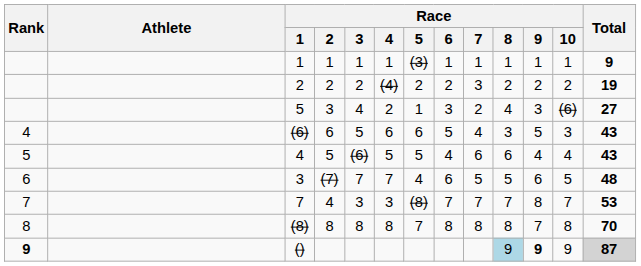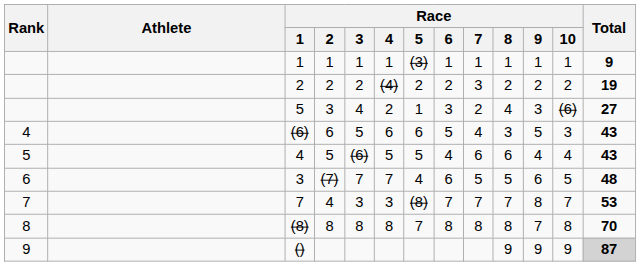 <table class="wikitable" style="text-align:center">
 <tr>
 <th rowspan="2" width=40>Rank</th>
 <th rowspan="2" width=250>Athlete</th>
 <th colspan="10">Race</th>
 <th rowspan="2" width=50>Total</th>
 </tr>
 <tr>
 <th width=25>1</th>
 <th width=25>2</th>
 <th width=25>3</th>
 <th width=25>4</th>
 <th width=25>5</th>
 <th width=25>6</th>
 <th width=25>7</th>
 <th width=25>8</th>
 <th width=25>9</th>
 <th width=25>10</th>
 </tr>
 <tr>
 <td></td>
 <td align=left></td>
 <td>1</td>
 <td>1</td>
 <td>1</td>
 <td>1</td>
 <td><s>(3)</s></td>
 <td>1</td>
 <td>1</td>
 <td>1</td>
 <td>1</td>
 <td>1</td>
 <td><strong>9</strong></td>
 </tr>
 <tr>
 <td></td>
 <td align=left></td>
 <td>2</td>
 <td>2</td>
 <td>2</td>
 <td><s>(4)</s></td>
 <td>2</td>
 <td>2</td>
 <td>3</td>
 <td>2</td>
 <td>2</td>
 <td>2</td>
 <td><strong>19</strong></td>
 </tr>
 <tr>
 <td></td>
 <td align=left></td>
 <td>5</td>
 <td>3</td>
 <td>4</td>
 <td>2</td>
 <td>1</td>
 <td>3</td>
 <td>2</td>
 <td>4</td>
 <td>3</td>
 <td><s>(6)</s></td>
 <td><strong>27</strong></td>
 </tr>
 <tr>
 <td>4</td>
 <td align=left></td>
 <td><s>(6)</s></td>
 <td>6</td>
 <td>5</td>
 <td>6</td>
 <td>6</td>
 <td>5</td>
 <td>4</td>
 <td>3</td>
 <td>5</td>
 <td>3</td>
 <td><strong>43</strong></td>
 </tr>
 <tr>
 <td>5</td>
 <td align=left></td>
 <td>4</td>
 <td>5</td>
 <td><s>(6)</s></td>
 <td>5</td>
 <td>5</td>
 <td>4</td>
 <td>6</td>
 <td>6</td>
 <td>4</td>
 <td>4</td>
 <td><strong>43</strong></td>
 </tr>
 <tr>
 <td>6</td>
 <td align=left></td>
 <td>3</td>
 <td><s>(7)</s></td>
 <td>7</td>
 <td>7</td>
 <td>4</td>
 <td>6</td>
 <td>5</td>
 <td>5</td>
 <td>6</td>
 <td>5</td>
 <td><strong>48</strong></td>
 </tr>
 <tr>
 <td>7</td>
 <td align=left></td>
 <td>7</td>
 <td>4</td>
 <td>3</td>
 <td>3</td>
 <td><s>(8)</s></td>
 <td>7</td>
 <td>7</td>
 <td>7</td>
 <td>8</td>
 <td>7</td>
 <td><strong>53</strong></td>
 </tr>
 <tr>
 <td>8</td>
 <td align=left></td>
 <td><s>(8)</s></td>
 <td>8</td>
 <td>8</td>
 <td>8</td>
 <td>7</td>
 <td>8</td>
 <td>8</td>
 <td>8</td>
 <td>7</td>
 <td>8</td>
 <td><strong>70</strong></td>
 </tr>
 <tr>
-<td><strong>9</strong></td>
+<td>9</td>
 <td align=left></td>
 <td><s>()</s></td>
 <td></td>
 <td></td>
 <td></td>
 <td></td>
 <td></td>
 <td></td>
-<td style="background: lightblue;">9</td>
-<td><strong>9</strong></td>
+<td>9</td>
+<td>9</td>
 <td>9</td>
 <td style="background: lightgrey;"><strong>87</strong></td>
 </tr>
 </table>
